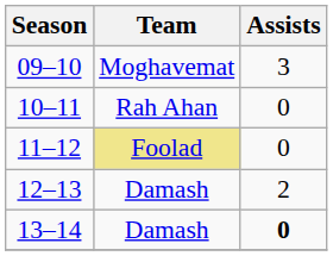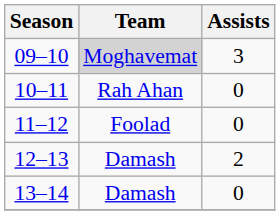 <table class="wikitable" style="text-align: center;">
 <tr>
 <th>Season</th>
 <th>Team</th>
 <th>Assists</th>
 </tr>
 <tr>
 <td><a href='#'>09–10</a></td>
-<td><a href='#'>Moghavemat</a></td>
+<td style="background: lightgrey;"><a href='#'>Moghavemat</a></td>
 <td>3</td>
 </tr>
 <tr>
 <td><a href='#'>10–11</a></td>
 <td><a href='#'>Rah Ahan</a></td>
 <td>0</td>
 </tr>
 <tr>
 <td><a href='#'>11–12</a></td>
-<td style="background: khaki;"><a href='#'>Foolad</a></td>
+<td><a href='#'>Foolad</a></td>
 <td>0</td>
 </tr>
 <tr>
 <td><a href='#'>12–13</a></td>
 <td><a href='#'>Damash</a></td>
 <td>2</td>
 </tr>
 <tr>
 <td><a href='#'>13–14</a></td>
 <td><a href='#'>Damash</a></td>
-<td><strong>0</strong></td>
+<td>0</td>
 </tr>
 <tr>
 </tr>
 </table>
